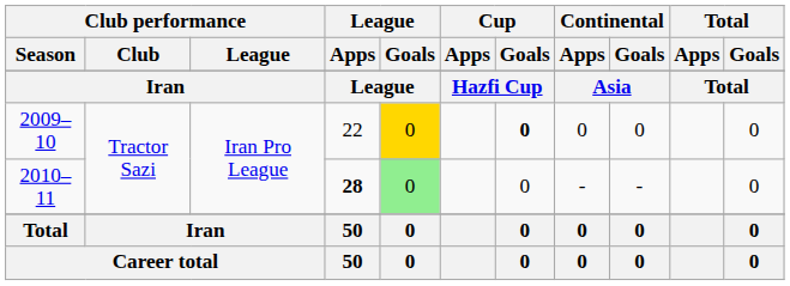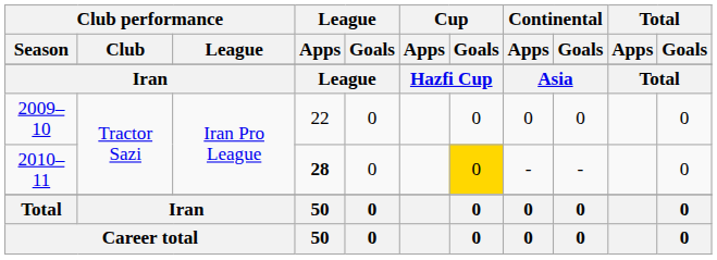 <table class="wikitable" style="text-align:center">
 <tr>
 <th colspan=3>Club performance</th>
 <th colspan=2>League</th>
 <th colspan=2>Cup</th>
 <th colspan=2>Continental</th>
 <th colspan=2>Total</th>
 </tr>
 <tr>
 <th>Season</th>
 <th>Club</th>
 <th>League</th>
 <th>Apps</th>
 <th>Goals</th>
 <th>Apps</th>
 <th>Goals</th>
 <th>Apps</th>
 <th>Goals</th>
 <th>Apps</th>
 <th>Goals</th>
 </tr>
 <tr>
 </tr>
 <tr>
 <th colspan=3>Iran</th>
 <th colspan=2>League</th>
 <th colspan=2><a href='#'>Hazfi Cup</a></th>
 <th colspan=2><a href='#'>Asia</a></th>
 <th colspan=2>Total</th>
 </tr>
 <tr>
 <td><a href='#'>2009–10</a></td>
 <td rowspan="2"><a href='#'>Tractor Sazi</a></td>
 <td rowspan="2"><a href='#'>Iran Pro League</a></td>
 <td>22</td>
-<td style="background: gold;">0</td>
+<td>0</td>
 <td></td>
-<td><strong>0</strong></td>
+<td>0</td>
 <td>0</td>
 <td>0</td>
 <td></td>
 <td>0</td>
 </tr>
 <tr>
 <td><a href='#'>2010–11</a></td>
 <td><strong>28</strong></td>
-<td style="background: lightgreen;">0</td>
+<td>0</td>
 <td></td>
-<td>0</td>
+<td style="background: gold;">0</td>
 <td>-</td>
 <td>-</td>
 <td></td>
 <td>0</td>
 </tr>
 <tr>
 </tr>
 <tr>
 <th rowspan=1>Total</th>
 <th colspan=2>Iran</th>
 <th>50</th>
 <th>0</th>
 <th></th>
 <th>0</th>
 <th>0</th>
 <th>0</th>
 <th></th>
 <th>0</th>
 </tr>
 <tr>
 <th colspan=3>Career total</th>
 <th>50</th>
 <th>0</th>
 <th></th>
 <th>0</th>
 <th>0</th>
 <th>0</th>
 <th></th>
 <th>0</th>
 </tr>
 </table>
